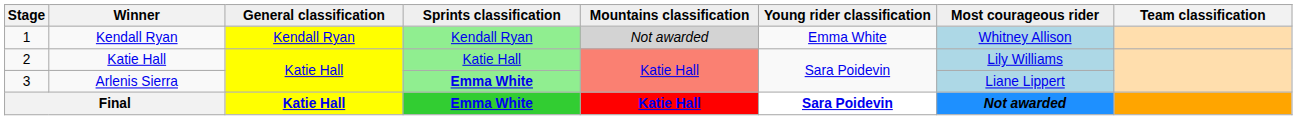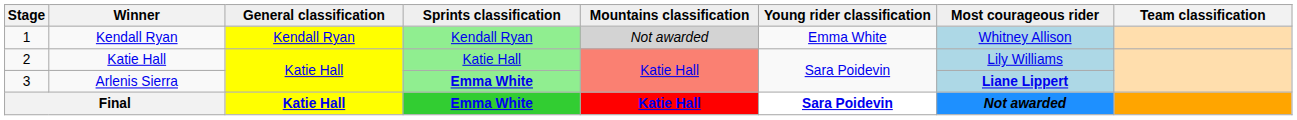 <table class="wikitable" style="text-align: center; font-size:smaller;">
 <tr style="background:#efefef;">
 <th style="width:2%;">Stage</th>
 <th style="width:14%;">Winner</th>
 <th style="background:#efefef; width:14%;">General classification<br></th>
 <th style="background:#efefef; width:14%;">Sprints classification<br></th>
 <th style="background:#efefef; width:14%;">Mountains classification<br></th>
 <th style="background:#efefef; width:14%;">Young rider classification<br></th>
 <th style="background:#efefef; width:14%;">Most courageous rider<br></th>
 <th style="width:14%;">Team classification</th>
 </tr>
 <tr>
 <td>1</td>
 <td><a href='#'>Kendall Ryan</a></td>
 <td style="background:yellow;"><a href='#'>Kendall Ryan</a></td>
 <td style="background:lightgreen;"><a href='#'>Kendall Ryan</a></td>
 <td style="background:lightgrey;"><em>Not awarded</em></td>
 <td style="background:offwhite;"><a href='#'>Emma White</a></td>
 <td style="background:lightblue;"><a href='#'>Whitney Allison</a></td>
 <td style="background:navajowhite;"></td>
 </tr>
 <tr>
 <td>2</td>
 <td><a href='#'>Katie Hall</a></td>
 <td style="background:yellow;" rowspan=2><a href='#'>Katie Hall</a></td>
 <td style="background:lightgreen;"><a href='#'>Katie Hall</a></td>
 <td style="background:salmon;" rowspan=2><a href='#'>Katie Hall</a></td>
 <td style="background:offwhite;" rowspan=2><a href='#'>Sara Poidevin</a></td>
 <td style="background:lightblue;"><a href='#'>Lily Williams</a></td>
 <td style="background:navajowhite;" rowspan=2></td>
 </tr>
 <tr>
 <td>3</td>
 <td><a href='#'>Arlenis Sierra</a></td>
 <td style="background:lightgreen;"><strong><a href='#'>Emma White</a></strong></td>
-<td style="background:lightblue;"><a href='#'>Liane Lippert</a></td>
+<td style="background:lightblue;"><strong><a href='#'>Liane Lippert</a></strong></td>
 </tr>
 <tr>
 <th colspan=2>Final</th>
 <th style="background:yellow;"><a href='#'>Katie Hall</a></th>
 <th style="background:limegreen;"><a href='#'>Emma White</a></th>
 <th style="background:red;"><a href='#'>Katie Hall</a></th>
 <th style="background:white;"><a href='#'>Sara Poidevin</a></th>
 <th style="background:dodgerblue;"><em>Not awarded</em></th>
 <th style="background:orange;"></th>
 </tr>
 </table>
